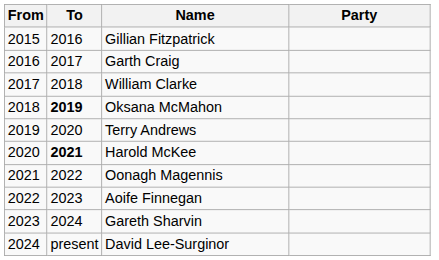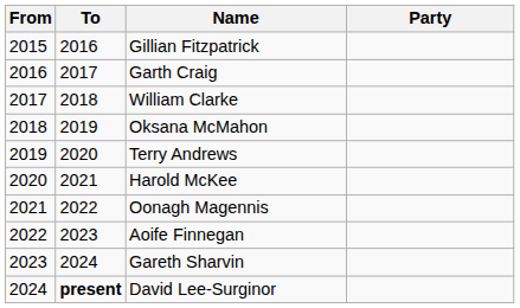 <table class="wikitable sortable">
 <tr>
 <th>From</th>
 <th>To</th>
 <th scope="col" width="200">Name</th>
 <th scope="col" width="150" colspan=2>Party</th>
 </tr>
 <tr>
 <td>2015</td>
 <td>2016</td>
 <td>Gillian Fitzpatrick</td>
 <td></td>
 </tr>
 <tr>
 <td>2016</td>
 <td>2017</td>
 <td>Garth Craig</td>
 <td></td>
 </tr>
 <tr>
 <td>2017</td>
 <td>2018</td>
 <td>William Clarke</td>
 <td></td>
 </tr>
 <tr>
 <td>2018</td>
-<td><strong>2019</strong></td>
+<td>2019</td>
 <td>Oksana McMahon</td>
 <td></td>
 </tr>
 <tr>
 <td>2019</td>
 <td>2020</td>
 <td>Terry Andrews</td>
 <td></td>
 </tr>
 <tr>
 <td>2020</td>
-<td><strong>2021</strong></td>
+<td>2021</td>
 <td>Harold McKee</td>
 <td></td>
 </tr>
 <tr>
 <td>2021</td>
 <td>2022</td>
 <td>Oonagh Magennis</td>
 <td></td>
 </tr>
 <tr>
 <td>2022</td>
 <td>2023</td>
 <td>Aoife Finnegan</td>
 <td></td>
 </tr>
 <tr>
 <td>2023</td>
 <td>2024</td>
 <td>Gareth Sharvin</td>
 <td></td>
 </tr>
 <tr>
 <td>2024</td>
-<td>present</td>
+<td><strong>present</strong></td>
 <td>David Lee-Surginor</td>
 <td></td>
 </tr>
 </table>
